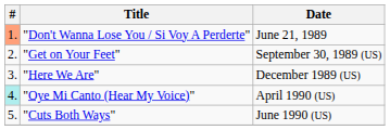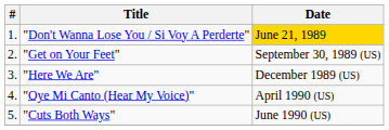 <table class="wikitable">
 <tr>
 <th>#</th>
 <th>Title</th>
 <th>Date</th>
 </tr>
 <tr>
-<td style="background: lightsalmon;">1.</td>
+<td>1.</td>
 <td>"<a href='#'>Don't Wanna Lose You / Si Voy A Perderte</a>"</td>
-<td>June 21, 1989</td>
+<td style="background: gold;">June 21, 1989</td>
 </tr>
 <tr>
 <td>2.</td>
 <td>"<a href='#'>Get on Your Feet</a>"</td>
 <td>September 30, 1989 <small>(US)</small></td>
 </tr>
 <tr>
 <td>3.</td>
 <td>"<a href='#'>Here We Are</a>"</td>
 <td>December 1989 <small>(US)</small></td>
 </tr>
 <tr>
-<td style="background: paleturquoise;">4.</td>
+<td>4.</td>
 <td>"<a href='#'>Oye Mi Canto (Hear My Voice)</a>"</td>
 <td>April 1990 <small>(US)</small></td>
 </tr>
 <tr>
 <td>5.</td>
 <td>"<a href='#'>Cuts Both Ways</a>"</td>
 <td>June 1990 <small>(US)</small></td>
 </tr>
 <tr>
 </tr>
 </table>
